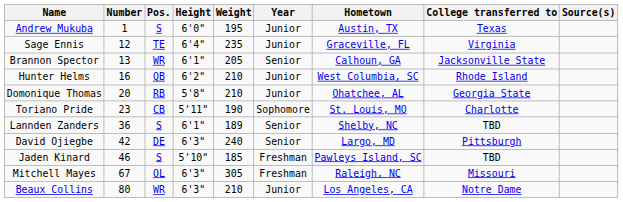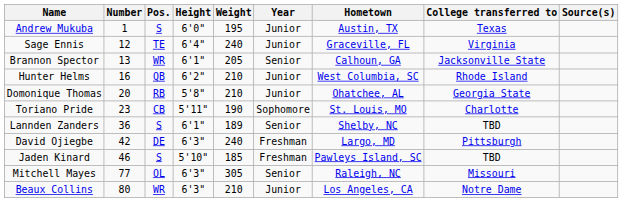 <table class="wikitable sortable" border="1" style="text-align: center;">
 <tr align=center>
 <th>Name</th>
 <th>Number</th>
 <th>Pos.</th>
 <th>Height</th>
 <th>Weight</th>
 <th>Year</th>
 <th>Hometown</th>
 <th>College transferred to</th>
 <th>Source(s)</th>
 </tr>
 <tr>
 <td><a href='#'>Andrew Mukuba</a></td>
 <td>1</td>
 <td><a href='#'>S</a></td>
 <td>6'0"</td>
 <td>195</td>
 <td>Junior</td>
 <td><a href='#'>Austin, TX</a></td>
 <td><a href='#'>Texas</a></td>
 <td></td>
 </tr>
 <tr>
 <td>Sage Ennis</td>
 <td>12</td>
 <td><a href='#'>TE</a></td>
 <td>6'4"</td>
-<td>235</td>
+<td>240</td>
 <td> Junior</td>
 <td><a href='#'>Graceville, FL</a></td>
 <td><a href='#'>Virginia</a></td>
 <td></td>
 </tr>
 <tr>
 <td>Brannon Spector</td>
 <td>13</td>
 <td><a href='#'>WR</a></td>
 <td>6'1"</td>
 <td>205</td>
 <td> Senior</td>
 <td><a href='#'>Calhoun, GA</a></td>
 <td><a href='#'>Jacksonville State</a></td>
 <td></td>
 </tr>
 <tr>
 <td>Hunter Helms</td>
 <td>16</td>
 <td><a href='#'>QB</a></td>
 <td>6'2"</td>
 <td>210</td>
 <td> Junior</td>
 <td><a href='#'>West Columbia, SC</a></td>
 <td><a href='#'>Rhode Island</a></td>
 <td></td>
 </tr>
 <tr>
 <td>Domonique Thomas</td>
 <td>20</td>
 <td><a href='#'>RB</a></td>
 <td>5'8"</td>
 <td>210</td>
 <td> Junior</td>
 <td><a href='#'>Ohatchee, AL</a></td>
 <td><a href='#'>Georgia State</a></td>
 <td></td>
 </tr>
 <tr>
 <td>Toriano Pride</td>
 <td>23</td>
 <td><a href='#'>CB</a></td>
 <td>5'11"</td>
 <td>190</td>
 <td>Sophomore</td>
 <td><a href='#'>St. Louis, MO</a></td>
 <td><a href='#'>Charlotte</a></td>
 <td></td>
 </tr>
 <tr>
 <td>Lannden Zanders</td>
 <td>36</td>
 <td><a href='#'>S</a></td>
 <td>6'1"</td>
 <td>189</td>
 <td> Senior</td>
 <td><a href='#'>Shelby, NC</a></td>
 <td>TBD</td>
 <td></td>
 </tr>
 <tr>
 <td>David Ojiegbe</td>
 <td>42</td>
 <td><a href='#'>DE</a></td>
 <td>6'3"</td>
 <td>240</td>
-<td>Senior</td>
+<td>Freshman</td>
 <td><a href='#'>Largo, MD</a></td>
 <td><a href='#'>Pittsburgh</a></td>
 <td></td>
 </tr>
 <tr>
 <td>Jaden Kinard</td>
 <td>46</td>
 <td><a href='#'>S</a></td>
 <td>5'10"</td>
 <td>185</td>
 <td> Freshman</td>
 <td><a href='#'>Pawleys Island, SC</a></td>
 <td>TBD</td>
 <td></td>
 </tr>
 <tr>
 <td>Mitchell Mayes</td>
-<td>67</td>
+<td>77</td>
 <td><a href='#'>OL</a></td>
 <td>6'3"</td>
 <td>305</td>
-<td>Freshman</td>
+<td>Senior</td>
 <td><a href='#'>Raleigh, NC</a></td>
 <td><a href='#'>Missouri</a></td>
 <td></td>
 </tr>
 <tr>
 <td><a href='#'>Beaux Collins</a></td>
 <td>80</td>
 <td><a href='#'>WR</a></td>
 <td>6'3"</td>
 <td>210</td>
 <td>Junior</td>
 <td><a href='#'>Los Angeles, CA</a></td>
 <td><a href='#'>Notre Dame</a></td>
 <td></td>
 </tr>
 </table>
